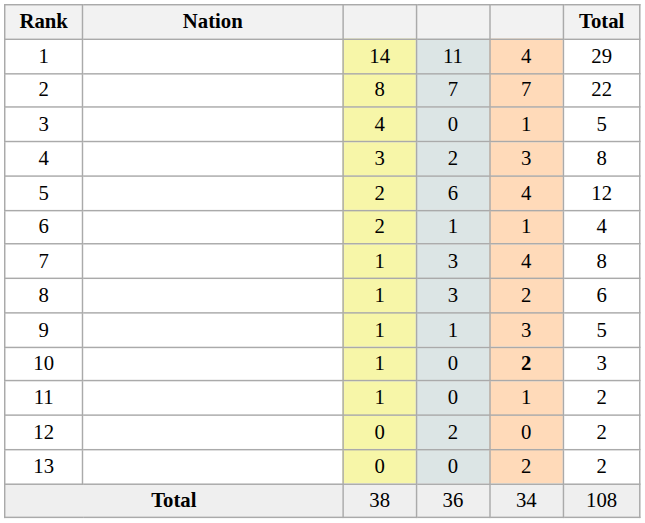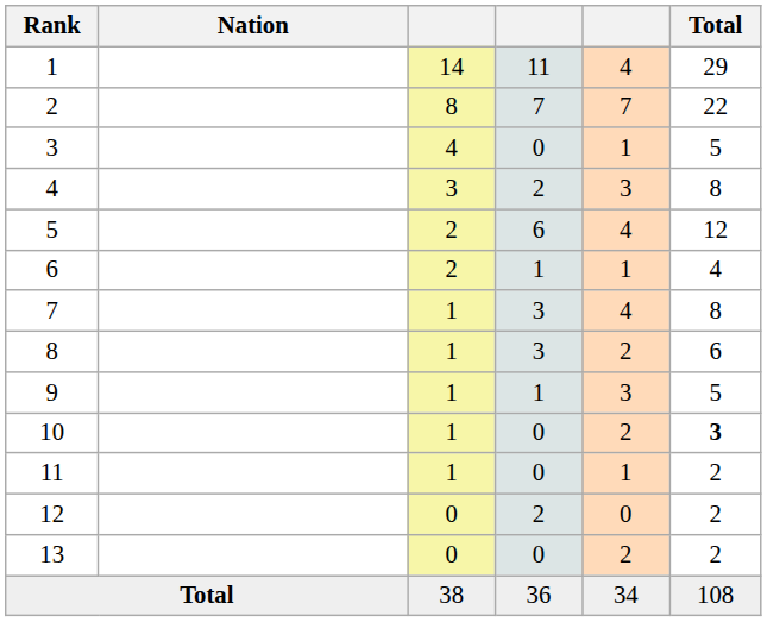 <table class=wikitable width=35% cellspacing="1" cellpadding="3" style="border:1px solid #AAAAAA;font-size:90%">
 <tr bgcolor="#EFEFEF">
 <th width=50>Rank</th>
 <th width=200>Nation</th>
 <th width=50></th>
 <th width=50></th>
 <th width=50></th>
 <th width=50>Total</th>
 </tr>
 <tr align="center" valign="top" bgcolor="#FFFFFF">
 <td rowspan="1" valign="center">1</td>
 <td align="left"></td>
 <td style="background:#F7F6A8;">14</td>
 <td style="background:#DCE5E5;">11</td>
 <td style="background:#FFDAB9;">4</td>
 <td>29</td>
 </tr>
 <tr align="center" valign="top" bgcolor="#FFFFFF">
 <td rowspan="1" valign="center">2</td>
 <td align="left"></td>
 <td style="background:#F7F6A8;">8</td>
 <td style="background:#DCE5E5;">7</td>
 <td style="background:#FFDAB9;">7</td>
 <td>22</td>
 </tr>
 <tr align="center" valign="top" bgcolor="#FFFFFF">
 <td rowspan="1" valign="center">3</td>
 <td align="left"></td>
 <td style="background:#F7F6A8;">4</td>
 <td style="background:#DCE5E5;">0</td>
 <td style="background:#FFDAB9;">1</td>
 <td>5</td>
 </tr>
 <tr align="center" valign="top" bgcolor="#FFFFFF">
 <td rowspan="1" valign="center">4</td>
 <td align="left"></td>
 <td style="background:#F7F6A8;">3</td>
 <td style="background:#DCE5E5;">2</td>
 <td style="background:#FFDAB9;">3</td>
 <td>8</td>
 </tr>
 <tr align="center" valign="top" bgcolor="#FFFFFF">
 <td rowspan="1" valign="center">5</td>
 <td align="left"></td>
 <td style="background:#F7F6A8;">2</td>
 <td style="background:#DCE5E5;">6</td>
 <td style="background:#FFDAB9;">4</td>
 <td>12</td>
 </tr>
 <tr align="center" valign="top" bgcolor="#FFFFFF">
 <td rowspan="1" valign="center">6</td>
 <td align="left"></td>
 <td style="background:#F7F6A8;">2</td>
 <td style="background:#DCE5E5;">1</td>
 <td style="background:#FFDAB9;">1</td>
 <td>4</td>
 </tr>
 <tr align="center" valign="top" bgcolor="#FFFFFF">
 <td rowspan="1" valign="center">7</td>
 <td align="left"></td>
 <td style="background:#F7F6A8;">1</td>
 <td style="background:#DCE5E5;">3</td>
 <td style="background:#FFDAB9;">4</td>
 <td>8</td>
 </tr>
 <tr align="center" valign="top" bgcolor="#FFFFFF">
 <td rowspan="1" valign="center">8</td>
 <td align="left"></td>
 <td style="background:#F7F6A8;">1</td>
 <td style="background:#DCE5E5;">3</td>
 <td style="background:#FFDAB9;">2</td>
 <td>6</td>
 </tr>
 <tr align="center" valign="top" bgcolor="#FFFFFF">
 <td rowspan="1" valign="center">9</td>
 <td align="left"></td>
 <td style="background:#F7F6A8;">1</td>
 <td style="background:#DCE5E5;">1</td>
 <td style="background:#FFDAB9;">3</td>
 <td>5</td>
 </tr>
 <tr align="center" valign="top" bgcolor="#FFFFFF">
 <td rowspan="1" valign="center">10</td>
 <td align="left"></td>
 <td style="background:#F7F6A8;">1</td>
 <td style="background:#DCE5E5;">0</td>
-<td style="background:#FFDAB9;"><strong>2</strong></td>
-<td>3</td>
+<td style="background:#FFDAB9;">2</td>
+<td><strong>3</strong></td>
 </tr>
 <tr align="center" valign="top" bgcolor="#FFFFFF">
 <td rowspan="1" valign="center">11</td>
 <td align="left"></td>
 <td style="background:#F7F6A8;">1</td>
 <td style="background:#DCE5E5;">0</td>
 <td style="background:#FFDAB9;">1</td>
 <td>2</td>
 </tr>
 <tr align="center" valign="top" bgcolor="#FFFFFF">
 <td rowspan="1" valign="center">12</td>
 <td align="left"></td>
 <td style="background:#F7F6A8;">0</td>
 <td style="background:#DCE5E5;">2</td>
 <td style="background:#FFDAB9;">0</td>
 <td>2</td>
 </tr>
 <tr align="center" valign="top" bgcolor="#FFFFFF">
 <td rowspan="1" valign="center">13</td>
 <td align="left"></td>
 <td style="background:#F7F6A8;">0</td>
 <td style="background:#DCE5E5;">0</td>
 <td style="background:#FFDAB9;">2</td>
 <td>2</td>
 </tr>
 <tr align="center" valign="top" bgcolor="#EFEFEF">
 <td colspan="2" rowspan="1" valign="center"><strong>Total</strong></td>
 <td>38</td>
 <td>36</td>
 <td>34</td>
 <td>108</td>
 </tr>
 </table>
